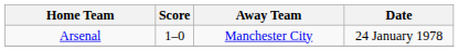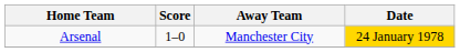 <table class="wikitable" style="text-align:center;">
 <tr>
 <th width=175>Home Team</th>
 <th width=20>Score</th>
 <th width=175>Away Team</th>
 <th width= 125>Date</th>
 </tr>
 <tr>
 <td><a href='#'>Arsenal</a></td>
 <td>1–0</td>
 <td><a href='#'>Manchester City</a></td>
-<td>24 January 1978</td>
+<td style="background: gold;">24 January 1978</td>
 </tr>
 <tr>
 </tr>
 </table>
